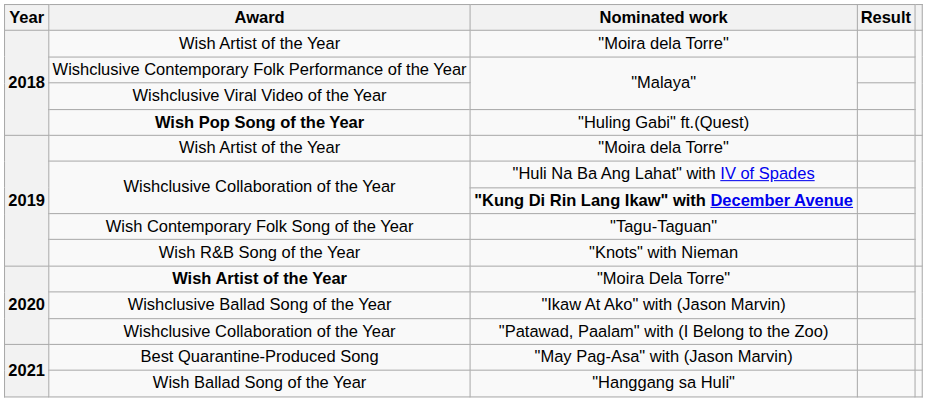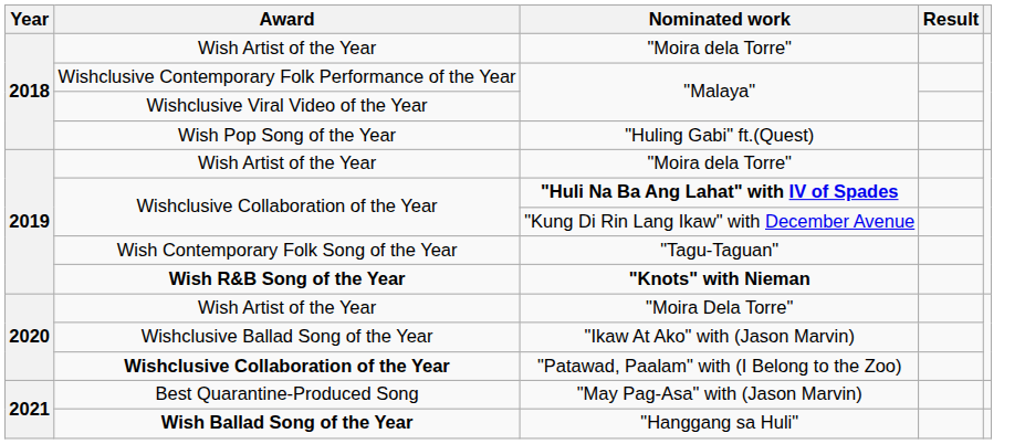 <table class="wikitable sortable" style=text-align:center>
 <tr>
 <th>Year</th>
 <th>Award</th>
 <th>Nominated work</th>
 <th>Result</th>
 <th></th>
 </tr>
 <tr>
 <th rowspan="4">2018</th>
 <td>Wish Artist of the Year</td>
 <td align=center>"Moira dela Torre"</td>
 <td></td>
 <td rowspan="4"></td>
 </tr>
 <tr>
 <td>Wishclusive Contemporary Folk Performance of the Year</td>
 <td align=center rowspan="2">"Malaya"</td>
 <td></td>
 </tr>
 <tr>
 <td>Wishclusive Viral Video of the Year</td>
 <td></td>
 </tr>
 <tr>
-<td><strong>Wish Pop Song of the Year</strong></td>
+<td>Wish Pop Song of the Year</td>
 <td align=center>"Huling Gabi" ft.(Quest)</td>
 <td></td>
 </tr>
 <tr>
 <th rowspan="5">2019</th>
 <td>Wish Artist of the Year</td>
 <td align=center>"Moira dela Torre"</td>
 <td></td>
 <td rowspan="5"></td>
 </tr>
 <tr>
 <td rowspan="2">Wishclusive Collaboration of the Year</td>
-<td align=center>"Huli Na Ba Ang Lahat" with <a href='#'>IV of Spades</a></td>
+<td align=center><strong>"Huli Na Ba Ang Lahat" with <a href='#'>IV of Spades</a></strong></td>
 <td></td>
 </tr>
 <tr>
-<td align=center><strong>"Kung Di Rin Lang Ikaw" with <a href='#'>December Avenue</a></strong></td>
+<td align=center>"Kung Di Rin Lang Ikaw" with <a href='#'>December Avenue</a></td>
 <td></td>
 </tr>
 <tr>
 <td>Wish Contemporary Folk Song of the Year</td>
 <td align=center>"Tagu-Taguan"</td>
 <td></td>
 </tr>
 <tr>
-<td>Wish R&B Song of the Year</td>
-<td align=center>"Knots" with Nieman</td>
+<td><strong>Wish R&B Song of the Year</strong></td>
+<td align=center><strong>"Knots" with Nieman</strong></td>
 <td></td>
 </tr>
 <tr>
 <th rowspan="3">2020</th>
-<td><strong>Wish Artist of the Year</strong></td>
+<td>Wish Artist of the Year</td>
 <td align=center>"Moira Dela Torre"</td>
 <td></td>
 <td rowspan="3"></td>
 </tr>
 <tr>
 <td>Wishclusive Ballad Song of the Year</td>
 <td align=center>"Ikaw At Ako" with (Jason Marvin)</td>
 <td></td>
 </tr>
 <tr>
-<td>Wishclusive Collaboration of the Year</td>
+<td><strong>Wishclusive Collaboration of the Year</strong></td>
 <td align=center>"Patawad, Paalam" with (I Belong to the Zoo)</td>
 <td></td>
 </tr>
 <tr>
 <th rowspan="2">2021</th>
 <td>Best Quarantine-Produced Song</td>
 <td align=center>"May Pag-Asa" with (Jason Marvin)</td>
 <td></td>
 <td></td>
 </tr>
 <tr>
-<td>Wish Ballad Song of the Year</td>
+<td><strong>Wish Ballad Song of the Year</strong></td>
 <td align=center>"Hanggang sa Huli"</td>
 <td></td>
 <td></td>
 </tr>
 </table>
